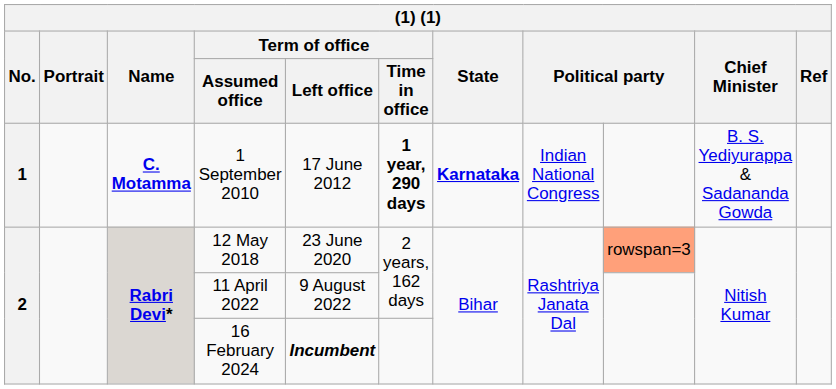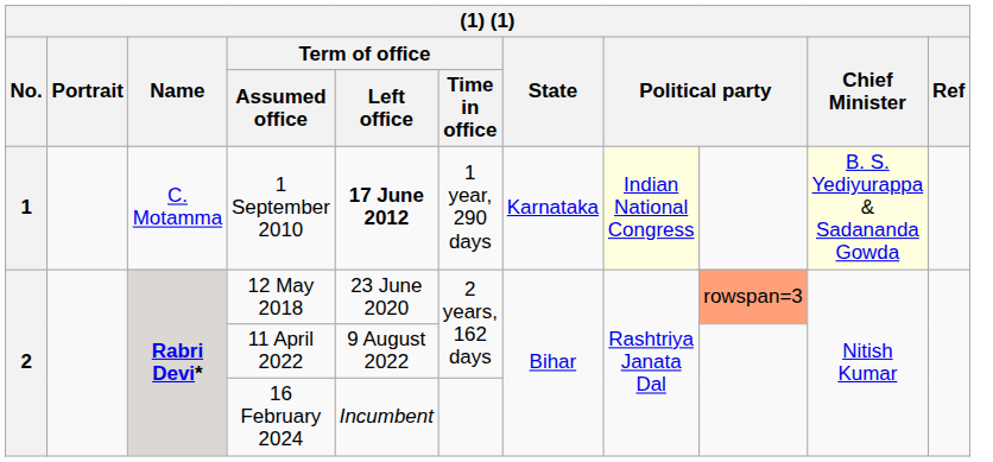 <table class="wikitable sortable" style="text-align:center;">
 <tr>
 <th colspan=13> (1) (1)</th>
 </tr>
 <tr>
 <th rowspan=2>No.</th>
 <th rowspan=2>Portrait</th>
 <th rowspan=2>Name<br><small></small></th>
 <th colspan=3>Term of office</th>
 <th rowspan=2>State</th>
 <th rowspan=2 colspan=2>Political party</th>
 <th rowspan=2>Chief Minister</th>
 <th rowspan=2>Ref</th>
 </tr>
 <tr>
 <th>Assumed office</th>
 <th>Left office</th>
 <th>Time in office</th>
 </tr>
 <tr>
 <th>1</th>
 <td></td>
-<td><strong><a href='#'>C. Motamma</a><br><small></small></strong></td>
+<td><a href='#'>C. Motamma</a><br><small></small></td>
 <td>1 September 2010</td>
-<td>17 June 2012</td>
-<td><strong>1 year, 290 days</strong></td>
-<td><strong><a href='#'>Karnataka</a></strong></td>
-<td><a href='#'>Indian National Congress</a></td>
+<td><strong>17 June 2012</strong></td>
+<td>1 year, 290 days</td>
+<td><a href='#'>Karnataka</a></td>
+<td style="background: lightyellow;"><a href='#'>Indian National Congress</a></td>
 <td></td>
-<td><a href='#'>B. S. Yediyurappa</a> & <a href='#'>Sadananda Gowda</a></td>
+<td style="background: lightyellow;"><a href='#'>B. S. Yediyurappa</a> & <a href='#'>Sadananda Gowda</a></td>
 <td></td>
 </tr>
 <tr>
 <th rowspan=3>2</th>
 <td rowspan=3></td>
 <td style="background:#DBD7D2;" rowspan=3><strong><a href='#'>Rabri Devi</a>*</strong><br><small></small></td>
 <td>12 May 2018</td>
 <td>23 June 2020</td>
 <td rowspan=2>2 years, 162 days</td>
 <td rowspan=3><a href='#'>Bihar</a></td>
 <td rowspan=3><a href='#'>Rashtriya Janata Dal</a></td>
 <td style="background: lightsalmon;">rowspan=3 </td>
 <td rowspan=3><a href='#'>Nitish Kumar</a></td>
 <td rowspan=3></td>
 </tr>
 <tr>
 <td>11 April 2022</td>
 <td>9 August 2022</td>
 </tr>
 <tr>
 <td>16 February 2024</td>
-<td><strong><em>Incumbent</em></strong></td>
+<td><em>Incumbent</em></td>
 <td></td>
 </tr>
 </table>
